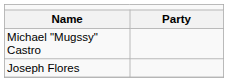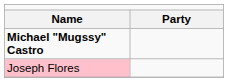 <table class=wikitable style="font-size:90%">
 <tr>
 <td colspan=4 bgcolor=></td>
 </tr>
 <tr>
 <th width=150px>Name</th>
 <th colspan=2 width=110px>Party</th>
 </tr>
 <tr>
-<td>Michael "Mugssy" Castro</td>
+<td><strong>Michael "Mugssy" Castro</strong></td>
 <td></td>
 </tr>
 <tr>
-<td>Joseph Flores</td>
+<td style="background: pink;">Joseph Flores</td>
 <td></td>
 </tr>
 <tr>
 </tr>
 </table>
